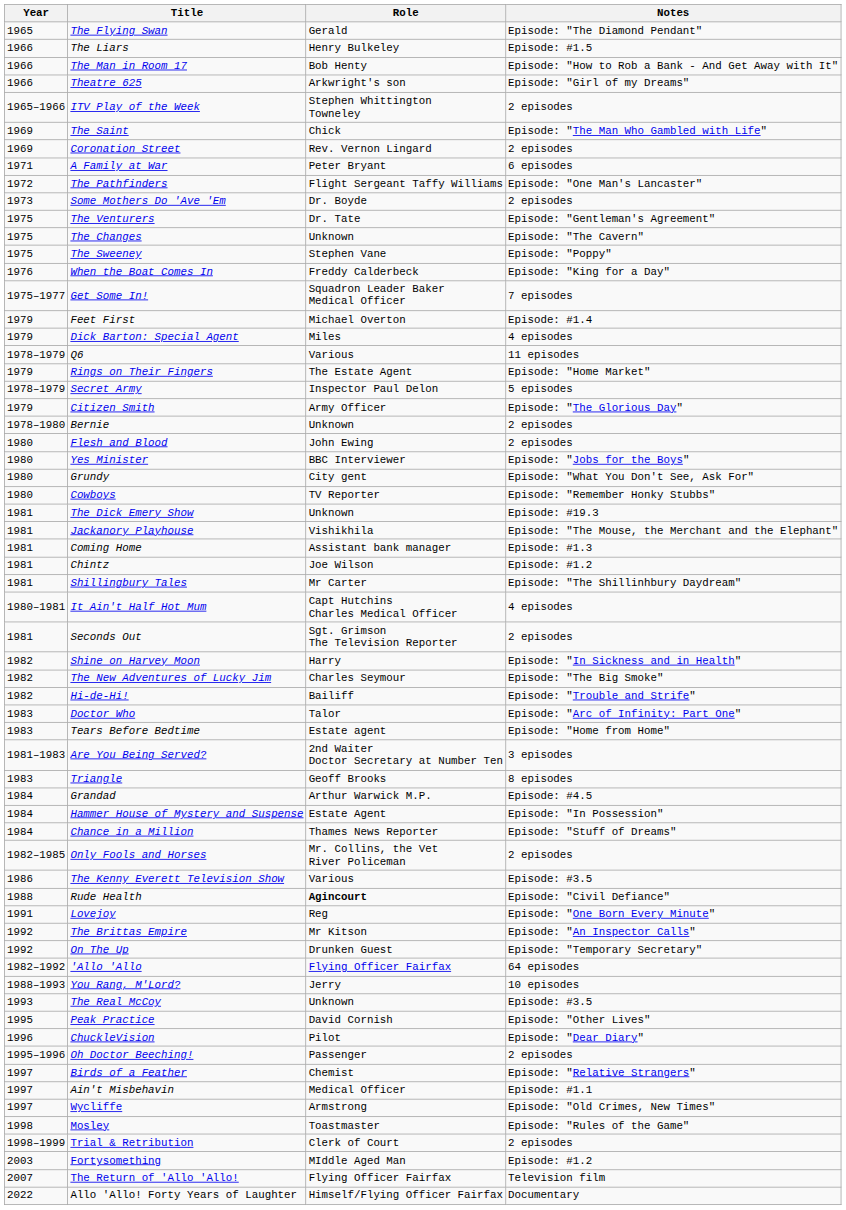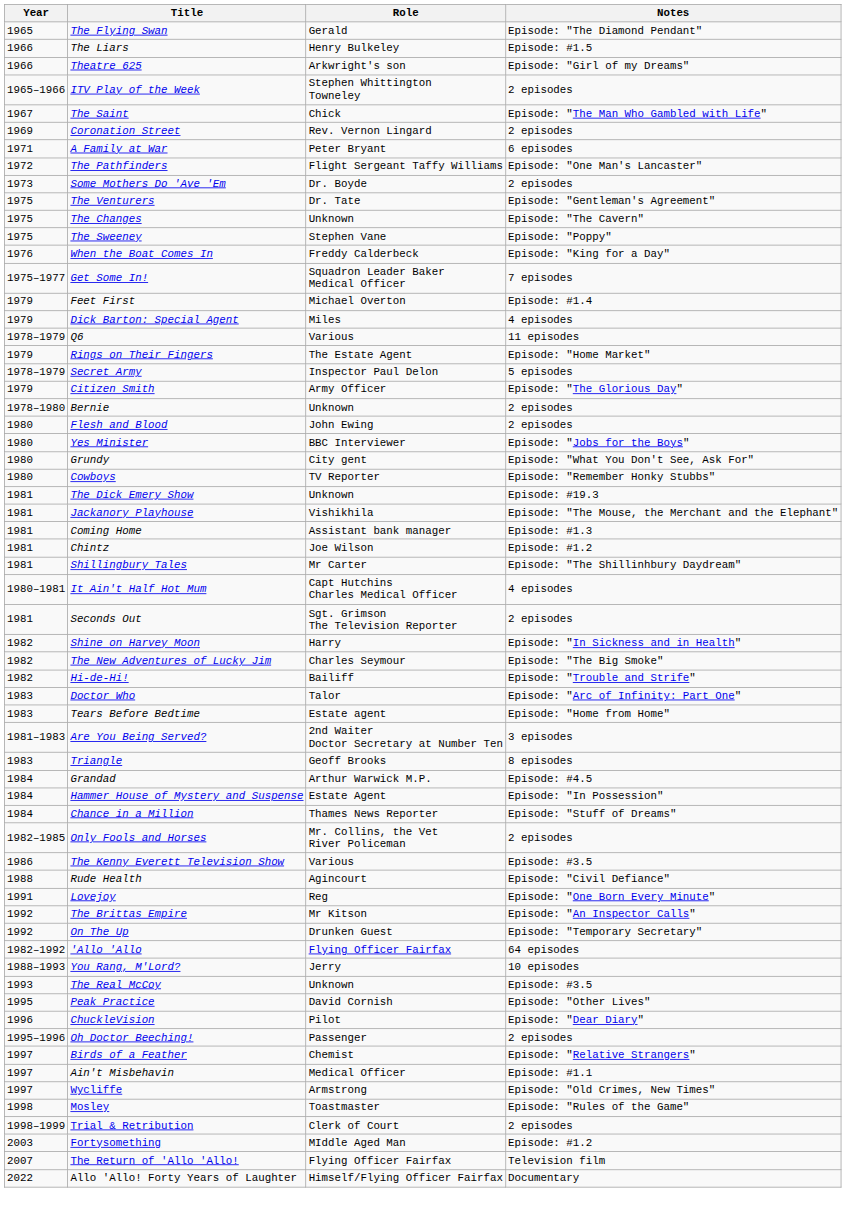 <table class="wikitable sortable">
 <tr>
 <th>Year</th>
 <th>Title</th>
 <th>Role</th>
 <th class="unsortable">Notes</th>
 </tr>
 <tr>
 <td>1965</td>
 <td><em><a href='#'>The Flying Swan</a></em></td>
 <td>Gerald</td>
 <td>Episode: "The Diamond Pendant"</td>
 </tr>
 <tr>
 <td>1966</td>
 <td><em>The Liars</em></td>
 <td>Henry Bulkeley</td>
 <td>Episode: #1.5</td>
 </tr>
 <tr>
 <td>1966</td>
-<td><em><a href='#'>The Man in Room 17</a></em></td>
-<td>Bob Henty</td>
-<td>Episode: "How to Rob a Bank - And Get Away with It"</td>
-</tr>
-<tr>
-<td>1966</td>
 <td><em><a href='#'>Theatre 625</a></em></td>
 <td>Arkwright's son</td>
 <td>Episode: "Girl of my Dreams"</td>
 </tr>
 <tr>
 <td>1965–1966</td>
 <td><em><a href='#'>ITV Play of the Week</a></em></td>
 <td>Stephen Whittington<br>Towneley</td>
 <td>2 episodes</td>
 </tr>
 <tr>
-<td>1969</td>
+<td>1967</td>
 <td><em><a href='#'>The Saint</a></em></td>
 <td>Chick</td>
 <td>Episode: "<a href='#'>The Man Who Gambled with Life</a>"</td>
 </tr>
 <tr>
 <td>1969</td>
 <td><em><a href='#'>Coronation Street</a></em></td>
 <td>Rev. Vernon Lingard</td>
 <td>2 episodes</td>
 </tr>
 <tr>
 <td>1971</td>
 <td><em><a href='#'>A Family at War</a></em></td>
 <td>Peter Bryant</td>
 <td>6 episodes</td>
 </tr>
 <tr>
 <td>1972</td>
 <td><em><a href='#'>The Pathfinders</a></em></td>
 <td>Flight Sergeant Taffy Williams</td>
 <td>Episode: "One Man's Lancaster"</td>
 </tr>
 <tr>
 <td>1973</td>
 <td><em><a href='#'>Some Mothers Do 'Ave 'Em</a></em></td>
 <td>Dr. Boyde</td>
 <td>2 episodes</td>
 </tr>
 <tr>
 <td>1975</td>
 <td><em><a href='#'>The Venturers</a></em></td>
 <td>Dr. Tate</td>
 <td>Episode: "Gentleman's Agreement"</td>
 </tr>
 <tr>
 <td>1975</td>
 <td><em><a href='#'>The Changes</a></em></td>
 <td>Unknown</td>
 <td>Episode: "The Cavern"</td>
 </tr>
 <tr>
 <td>1975</td>
 <td><em><a href='#'>The Sweeney</a></em></td>
 <td>Stephen Vane</td>
 <td>Episode: "Poppy"</td>
 </tr>
 <tr>
 <td>1976</td>
 <td><em><a href='#'>When the Boat Comes In</a></em></td>
 <td>Freddy Calderbeck</td>
 <td>Episode: "King for a Day"</td>
 </tr>
 <tr>
 <td>1975–1977</td>
 <td><em><a href='#'>Get Some In!</a></em></td>
 <td>Squadron Leader Baker<br>Medical Officer</td>
 <td>7 episodes</td>
 </tr>
 <tr>
 <td>1979</td>
 <td><em>Feet First</em></td>
 <td>Michael Overton</td>
 <td>Episode: #1.4</td>
 </tr>
 <tr>
 <td>1979</td>
 <td><em><a href='#'>Dick Barton: Special Agent</a></em></td>
 <td>Miles</td>
 <td>4 episodes</td>
 </tr>
 <tr>
 <td>1978–1979</td>
 <td><em>Q6</em></td>
 <td>Various</td>
 <td>11 episodes</td>
 </tr>
 <tr>
 <td>1979</td>
 <td><em><a href='#'>Rings on Their Fingers</a></em></td>
 <td>The Estate Agent</td>
 <td>Episode: "Home Market"</td>
 </tr>
 <tr>
 <td>1978–1979</td>
 <td><em><a href='#'>Secret Army</a></em></td>
 <td>Inspector Paul Delon</td>
 <td>5 episodes</td>
 </tr>
 <tr>
 <td>1979</td>
 <td><em><a href='#'>Citizen Smith</a></em></td>
 <td>Army Officer</td>
 <td>Episode: "<a href='#'>The Glorious Day</a>"</td>
 </tr>
 <tr>
 <td>1978–1980</td>
 <td><em>Bernie</em></td>
 <td>Unknown</td>
 <td>2 episodes</td>
 </tr>
 <tr>
 <td>1980</td>
 <td><em><a href='#'>Flesh and Blood</a></em></td>
 <td>John Ewing</td>
 <td>2 episodes</td>
 </tr>
 <tr>
 <td>1980</td>
 <td><em><a href='#'>Yes Minister</a></em></td>
 <td>BBC Interviewer</td>
 <td>Episode: "<a href='#'>Jobs for the Boys</a>"</td>
 </tr>
 <tr>
 <td>1980</td>
 <td><em>Grundy</em></td>
 <td>City gent</td>
 <td>Episode: "What You Don't See, Ask For"</td>
 </tr>
 <tr>
 <td>1980</td>
 <td><em><a href='#'>Cowboys</a></em></td>
 <td>TV Reporter</td>
 <td>Episode: "Remember Honky Stubbs"</td>
 </tr>
 <tr>
 <td>1981</td>
 <td><em><a href='#'>The Dick Emery Show</a></em></td>
 <td>Unknown</td>
 <td>Episode: #19.3</td>
 </tr>
 <tr>
 <td>1981</td>
 <td><em><a href='#'>Jackanory Playhouse</a></em></td>
 <td>Vishikhila</td>
 <td>Episode: "The Mouse, the Merchant and the Elephant"</td>
 </tr>
 <tr>
 <td>1981</td>
 <td><em>Coming Home</em></td>
 <td>Assistant bank manager</td>
 <td>Episode: #1.3</td>
 </tr>
 <tr>
 <td>1981</td>
 <td><em>Chintz</em></td>
 <td>Joe Wilson</td>
 <td>Episode: #1.2</td>
 </tr>
 <tr>
 <td>1981</td>
 <td><em><a href='#'>Shillingbury Tales</a></em></td>
 <td>Mr Carter</td>
 <td>Episode: "The Shillinhbury Daydream"</td>
 </tr>
 <tr>
 <td>1980–1981</td>
 <td><em><a href='#'>It Ain't Half Hot Mum</a></em></td>
 <td>Capt Hutchins<br>Charles Medical Officer</td>
 <td>4 episodes</td>
 </tr>
 <tr>
 <td>1981</td>
 <td><em>Seconds Out</em></td>
 <td>Sgt. Grimson<br>The Television Reporter</td>
 <td>2 episodes</td>
 </tr>
 <tr>
 <td>1982</td>
 <td><em><a href='#'>Shine on Harvey Moon</a></em></td>
 <td>Harry</td>
 <td>Episode: "<a href='#'>In Sickness and in Health</a>"</td>
 </tr>
 <tr>
 <td>1982</td>
 <td><em><a href='#'>The New Adventures of Lucky Jim</a></em></td>
 <td>Charles Seymour</td>
 <td>Episode: "The Big Smoke"</td>
 </tr>
 <tr>
 <td>1982</td>
 <td><em><a href='#'>Hi-de-Hi!</a></em></td>
 <td>Bailiff</td>
 <td>Episode: "<a href='#'>Trouble and Strife</a>"</td>
 </tr>
 <tr>
 <td>1983</td>
 <td><em><a href='#'>Doctor Who</a></em></td>
 <td>Talor</td>
 <td>Episode: "<a href='#'>Arc of Infinity: Part One</a>"</td>
 </tr>
 <tr>
 <td>1983</td>
 <td><em>Tears Before Bedtime</em></td>
 <td>Estate agent</td>
 <td>Episode: "Home from Home"</td>
 </tr>
 <tr>
 <td>1981–1983</td>
 <td><em><a href='#'>Are You Being Served?</a></em></td>
 <td>2nd Waiter<br>Doctor Secretary at Number Ten</td>
 <td>3 episodes</td>
 </tr>
 <tr>
 <td>1983</td>
 <td><em><a href='#'>Triangle</a></em></td>
 <td>Geoff Brooks</td>
 <td>8 episodes</td>
 </tr>
 <tr>
 <td>1984</td>
 <td><em>Grandad</em></td>
 <td>Arthur Warwick M.P.</td>
 <td>Episode: #4.5</td>
 </tr>
 <tr>
 <td>1984</td>
 <td><em><a href='#'>Hammer House of Mystery and Suspense</a></em></td>
 <td>Estate Agent</td>
 <td>Episode: "In Possession"</td>
 </tr>
 <tr>
 <td>1984</td>
 <td><em><a href='#'>Chance in a Million</a></em></td>
 <td>Thames News Reporter</td>
 <td>Episode: "Stuff of Dreams"</td>
 </tr>
 <tr>
 <td>1982–1985</td>
 <td><em><a href='#'>Only Fools and Horses</a></em></td>
 <td>Mr. Collins, the Vet<br>River Policeman</td>
 <td>2 episodes</td>
 </tr>
 <tr>
 <td>1986</td>
 <td><em><a href='#'>The Kenny Everett Television Show</a></em></td>
 <td>Various</td>
 <td>Episode: #3.5</td>
 </tr>
 <tr>
 <td>1988</td>
 <td><em>Rude Health</em></td>
-<td><strong>Agincourt</strong></td>
+<td>Agincourt</td>
 <td>Episode: "Civil Defiance"</td>
 </tr>
 <tr>
 <td>1991</td>
 <td><em><a href='#'>Lovejoy</a></em></td>
 <td>Reg</td>
 <td>Episode: "<a href='#'>One Born Every Minute</a>"</td>
 </tr>
 <tr>
 <td>1992</td>
 <td><em><a href='#'>The Brittas Empire</a></em></td>
 <td>Mr Kitson</td>
 <td>Episode: "<a href='#'>An Inspector Calls</a>"</td>
 </tr>
 <tr>
 <td>1992</td>
 <td><em><a href='#'>On The Up</a></em></td>
 <td>Drunken Guest</td>
 <td>Episode: "Temporary Secretary"</td>
 </tr>
 <tr>
 <td>1982–1992</td>
 <td><em><a href='#'>'Allo 'Allo</a></em></td>
 <td><a href='#'>Flying Officer Fairfax</a></td>
 <td>64 episodes</td>
 </tr>
 <tr>
 <td>1988–1993</td>
 <td><em><a href='#'>You Rang, M'Lord?</a></em></td>
 <td>Jerry</td>
 <td>10 episodes</td>
 </tr>
 <tr>
 <td>1993</td>
 <td><em><a href='#'>The Real McCoy</a></em></td>
 <td>Unknown</td>
 <td>Episode: #3.5</td>
 </tr>
 <tr>
 <td>1995</td>
 <td><em><a href='#'>Peak Practice</a></em></td>
 <td>David Cornish</td>
 <td>Episode: "Other Lives"</td>
 </tr>
 <tr>
 <td>1996</td>
 <td><em><a href='#'>ChuckleVision</a></em></td>
 <td>Pilot</td>
 <td>Episode: "<a href='#'>Dear Diary</a>"</td>
 </tr>
 <tr>
 <td>1995–1996</td>
 <td><em><a href='#'>Oh Doctor Beeching!</a></em></td>
 <td>Passenger</td>
 <td>2 episodes</td>
 </tr>
 <tr>
 <td>1997</td>
 <td><em><a href='#'>Birds of a Feather</a></em></td>
 <td>Chemist</td>
 <td>Episode: "<a href='#'>Relative Strangers</a>"</td>
 </tr>
 <tr>
 <td>1997</td>
 <td><em>Ain't Misbehavin<strong></td>
 <td>Medical Officer</td>
 <td>Episode: #1.1</td>
 </tr>
 <tr>
 <td>1997</td>
 <td></em><a href='#'>Wycliffe</a><em></td>
 <td>Armstrong</td>
 <td>Episode: "Old Crimes, New Times"</td>
 </tr>
 <tr>
 <td>1998</td>
 <td></em><a href='#'>Mosley</a><em></td>
 <td>Toastmaster</td>
 <td>Episode: "Rules of the Game"</td>
 </tr>
 <tr>
 <td>1998–1999</td>
 <td></em><a href='#'>Trial & Retribution</a><em></td>
 <td>Clerk of Court</td>
 <td>2 episodes</td>
 </tr>
 <tr>
 <td>2003</td>
 <td></em><a href='#'>Fortysomething</a><em></td>
 <td>MIddle Aged Man</td>
 <td>Episode: #1.2</td>
 </tr>
 <tr>
 <td>2007</td>
 <td></em><a href='#'>The Return of 'Allo 'Allo!</a><em></td>
 <td>Flying Officer Fairfax</td>
 <td>Television film</td>
 </tr>
 <tr>
 <td>2022</td>
 <td></strong>Allo 'Allo! Forty Years of Laughter</em></td>
 <td>Himself/Flying Officer Fairfax</td>
 <td>Documentary</td>
 </tr>
 </table>
